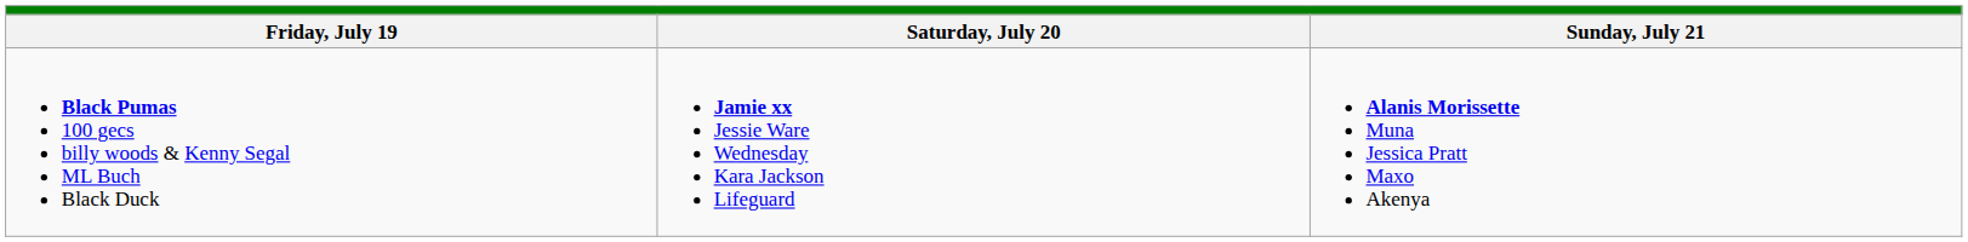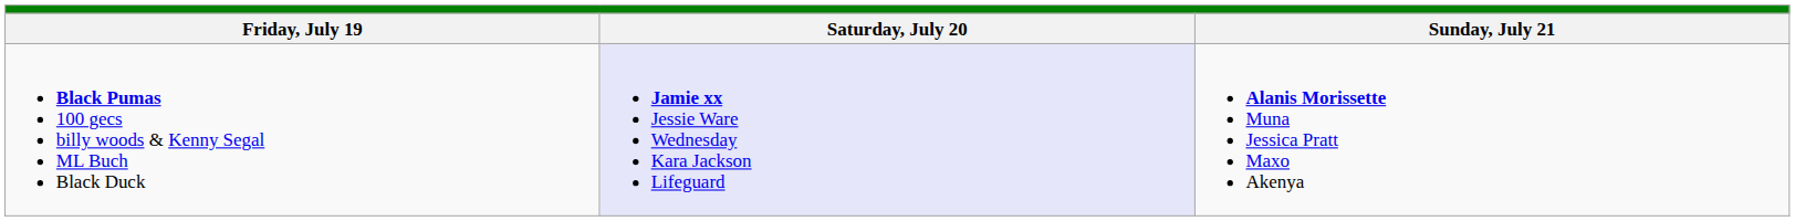 <table class="wikitable">
 <tr>
 <td colspan="3" align="center" bgcolor="#008000"><strong></strong></td>
 </tr>
 <tr>
 <th width="500">Friday, July 19</th>
 <th width="500">Saturday, July 20</th>
 <th width="500">Sunday, July 21</th>
 </tr>
 <tr valign="top">
 <td><br><ul><li><strong><a href='#'>Black Pumas</a></strong></li><li><a href='#'>100 gecs</a></li><li><a href='#'>billy woods</a> & <a href='#'>Kenny Segal</a></li><li><a href='#'>ML Buch</a></li><li>Black Duck</li></ul></td>
-<td><br><ul><li><strong><a href='#'>Jamie xx</a></strong></li><li><a href='#'>Jessie Ware</a></li><li><a href='#'>Wednesday</a></li><li><a href='#'>Kara Jackson</a></li><li><a href='#'>Lifeguard</a></li></ul></td>
+<td style="background: lavender;"><br><ul><li><strong><a href='#'>Jamie xx</a></strong></li><li><a href='#'>Jessie Ware</a></li><li><a href='#'>Wednesday</a></li><li><a href='#'>Kara Jackson</a></li><li><a href='#'>Lifeguard</a></li></ul></td>
 <td><br><ul><li><strong><a href='#'>Alanis Morissette</a></strong></li><li><a href='#'>Muna</a></li><li><a href='#'>Jessica Pratt</a></li><li><a href='#'>Maxo</a></li><li>Akenya</li></ul></td>
 </tr>
 </table>
